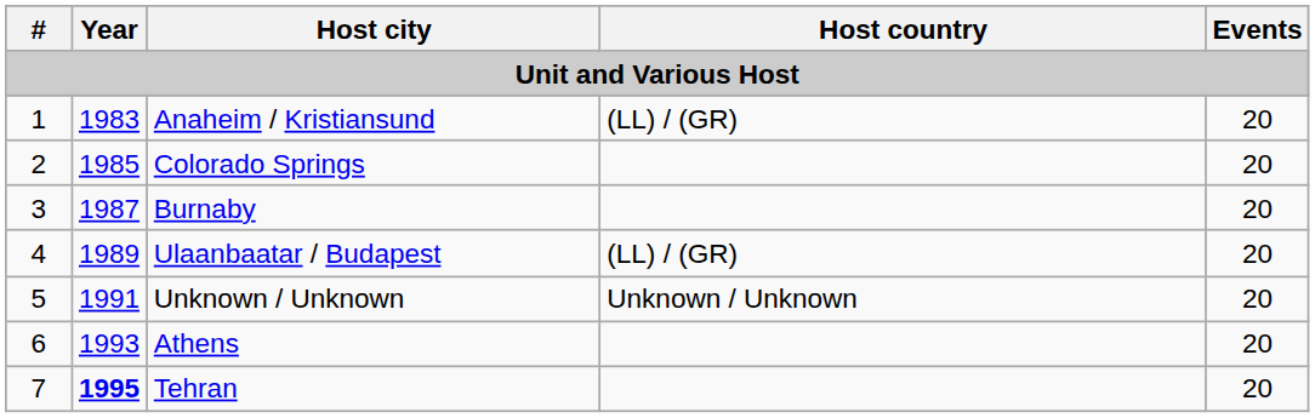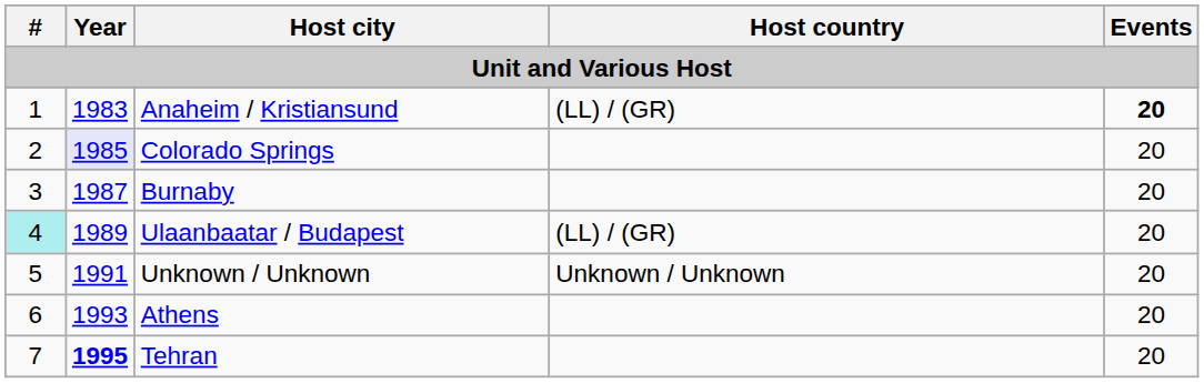 <table class="wikitable" style="text-align:left; font-size:80%">
 <tr>
 <th width=30>#</th>
 <th width=30>Year</th>
 <th width=250>Host city</th>
 <th width=350>Host country</th>
 <th width=30>Events</th>
 </tr>
 <tr>
 <td colspan="5" bgcolor="#cccccc"align=center><strong>Unit and Various Host</strong></td>
 </tr>
 <tr>
 <td align=center>1</td>
 <td align=center><a href='#'>1983</a></td>
 <td><a href='#'>Anaheim</a> / <a href='#'>Kristiansund</a></td>
 <td> (LL) /  (GR)</td>
-<td align=center>20</td>
+<td align=center><strong>20</strong></td>
 </tr>
 <tr>
 <td align=center>2</td>
-<td align=center><a href='#'>1985</a></td>
+<td align=center style="background: lavender;"><a href='#'>1985</a></td>
 <td><a href='#'>Colorado Springs</a></td>
 <td></td>
 <td align=center>20</td>
 </tr>
 <tr>
 <td align=center>3</td>
 <td align=center><a href='#'>1987</a></td>
 <td><a href='#'>Burnaby</a></td>
 <td></td>
 <td align=center>20</td>
 </tr>
 <tr>
-<td align=center>4</td>
+<td align=center style="background: paleturquoise;">4</td>
 <td align=center><a href='#'>1989</a></td>
 <td><a href='#'>Ulaanbaatar</a> / <a href='#'>Budapest</a></td>
 <td> (LL) /  (GR)</td>
 <td align=center>20</td>
 </tr>
 <tr>
 <td align=center>5</td>
 <td align=center><a href='#'>1991</a></td>
 <td>Unknown / Unknown</td>
 <td>Unknown / Unknown</td>
 <td align=center>20</td>
 </tr>
 <tr>
 <td align=center>6</td>
 <td align=center><a href='#'>1993</a></td>
 <td><a href='#'>Athens</a></td>
 <td></td>
 <td align=center>20</td>
 </tr>
 <tr>
 <td align=center>7</td>
 <td align=center><strong><a href='#'>1995</a></strong></td>
 <td><a href='#'>Tehran</a></td>
 <td></td>
 <td align=center>20</td>
 </tr>
 </table>
